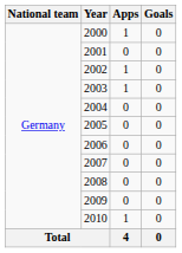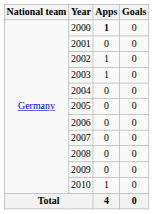 <table class="wikitable" style="text-align:center">
 <tr>
 <th>National team</th>
 <th>Year</th>
 <th>Apps</th>
 <th>Goals</th>
 </tr>
 <tr>
 <td rowspan="11"><a href='#'>Germany</a></td>
 <td>2000</td>
-<td>1</td>
+<td><strong>1</strong></td>
 <td>0</td>
 </tr>
 <tr>
 <td>2001</td>
 <td>0</td>
 <td>0</td>
 </tr>
 <tr>
 <td>2002</td>
 <td>1</td>
 <td>0</td>
 </tr>
 <tr>
 <td>2003</td>
 <td>1</td>
 <td>0</td>
 </tr>
 <tr>
 <td>2004</td>
 <td>0</td>
 <td>0</td>
 </tr>
 <tr>
 <td>2005</td>
 <td>0</td>
 <td>0</td>
 </tr>
 <tr>
 <td>2006</td>
 <td>0</td>
 <td>0</td>
 </tr>
 <tr>
 <td>2007</td>
 <td>0</td>
 <td>0</td>
 </tr>
 <tr>
 <td>2008</td>
 <td>0</td>
 <td>0</td>
 </tr>
 <tr>
 <td>2009</td>
 <td>0</td>
 <td>0</td>
 </tr>
 <tr>
 <td>2010</td>
 <td>1</td>
 <td>0</td>
 </tr>
 <tr>
 <th colspan="2">Total</th>
 <th>4</th>
 <th>0</th>
 </tr>
 </table>
